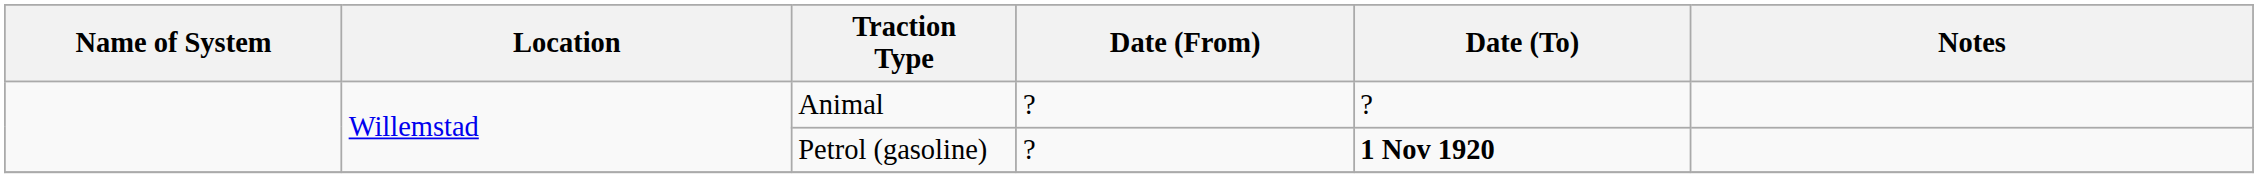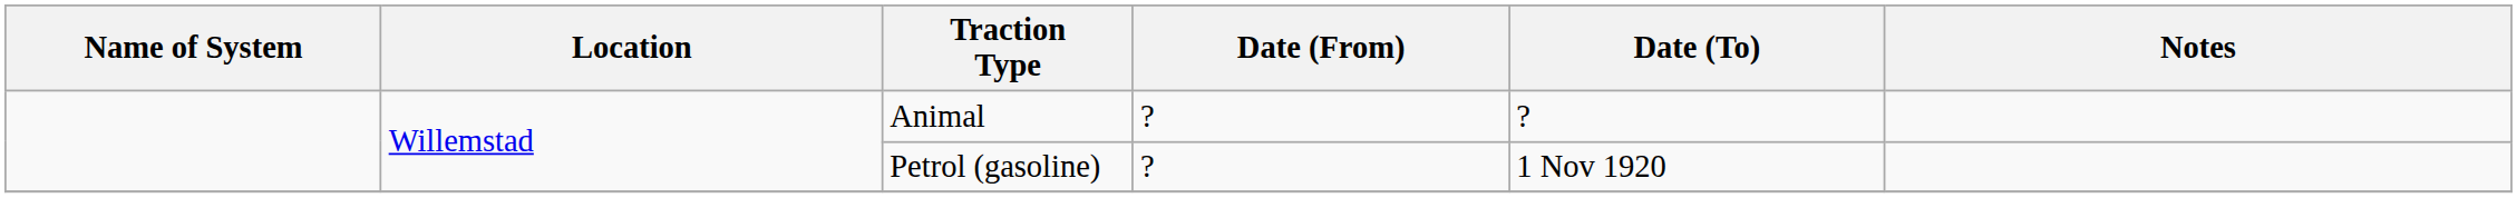 <table class="wikitable" width=100%>
 <tr>
 <th width=15%>Name of System</th>
 <th width=20%>Location</th>
 <th width=10%>Traction<br>Type</th>
 <th width=15%>Date (From)</th>
 <th width=15%>Date (To)</th>
 <th width=25%>Notes</th>
 </tr>
 <tr>
 <td rowspan="2"> </td>
 <td rowspan="2"><a href='#'>Willemstad</a></td>
 <td>Animal</td>
 <td>?</td>
 <td>?</td>
 <td> </td>
 </tr>
 <tr>
 <td>Petrol (gasoline)</td>
 <td>?</td>
-<td><strong>1 Nov 1920</strong></td>
+<td>1 Nov 1920</td>
 <td> </td>
 </tr>
 <tr>
 </tr>
 </table>
